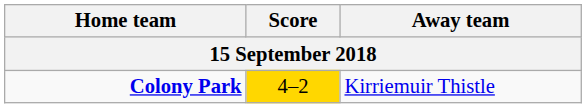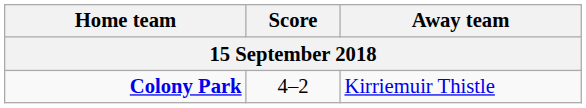 <table class="wikitable" style="border-collapse: collapse;">
 <tr>
 <th align="right" width="180">Home team</th>
 <th align="center" width="65">Score</th>
 <th align="left" width="180">Away team</th>
 </tr>
 <tr>
 <th colspan="3" align="center">15 September 2018</th>
 </tr>
 <tr>
 <td style="text-align:right;"><strong><a href='#'>Colony Park</a></strong></td>
-<td style="background: gold; text-align:center;">4–2</td>
+<td style="text-align:center;">4–2</td>
 <td style="text-align:left;"><a href='#'>Kirriemuir Thistle</a></td>
 </tr>
 </table>
